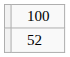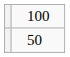 <table class="wikitable">
 <tr>
 <th></th>
 <td style="padding-left: 1em; padding-right: 1em">100</td>
 </tr>
 <tr>
 <th></th>
-<td style="padding-left: 1em; padding-right: 1em">52</td>
+<td style="padding-left: 1em; padding-right: 1em">50</td>
 </tr>
 </table>
